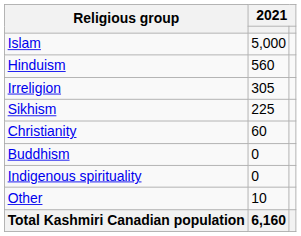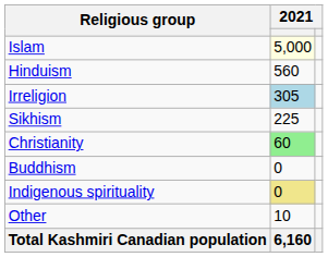 <table class="wikitable sortable">
 <tr>
 <th rowspan="2">Religious group</th>
 <th colspan="2">2021</th>
 </tr>
 <tr>
 <th><a href='#'></a></th>
 <th></th>
 </tr>
 <tr>
 <td><a href='#'>Islam</a></td>
-<td>5,000</td>
+<td style="background: lightyellow;">5,000</td>
 <td></td>
 </tr>
 <tr>
 <td><a href='#'>Hinduism</a></td>
 <td>560</td>
 <td></td>
 </tr>
 <tr>
 <td><a href='#'>Irreligion</a></td>
-<td>305</td>
+<td style="background: lightblue;">305</td>
 <td></td>
 </tr>
 <tr>
 <td><a href='#'>Sikhism</a></td>
 <td>225</td>
 <td></td>
 </tr>
 <tr>
 <td><a href='#'>Christianity</a></td>
-<td>60</td>
+<td style="background: lightgreen;">60</td>
 <td></td>
 </tr>
 <tr>
 <td><a href='#'>Buddhism</a></td>
 <td>0</td>
 <td></td>
 </tr>
 <tr>
 <td><a href='#'>Indigenous spirituality</a></td>
-<td>0</td>
+<td style="background: khaki;">0</td>
 <td></td>
 </tr>
 <tr>
 <td><a href='#'>Other</a></td>
 <td>10</td>
 <td></td>
 </tr>
 <tr>
 <th>Total Kashmiri Canadian population</th>
 <th>6,160</th>
 <th></th>
 </tr>
 </table>
